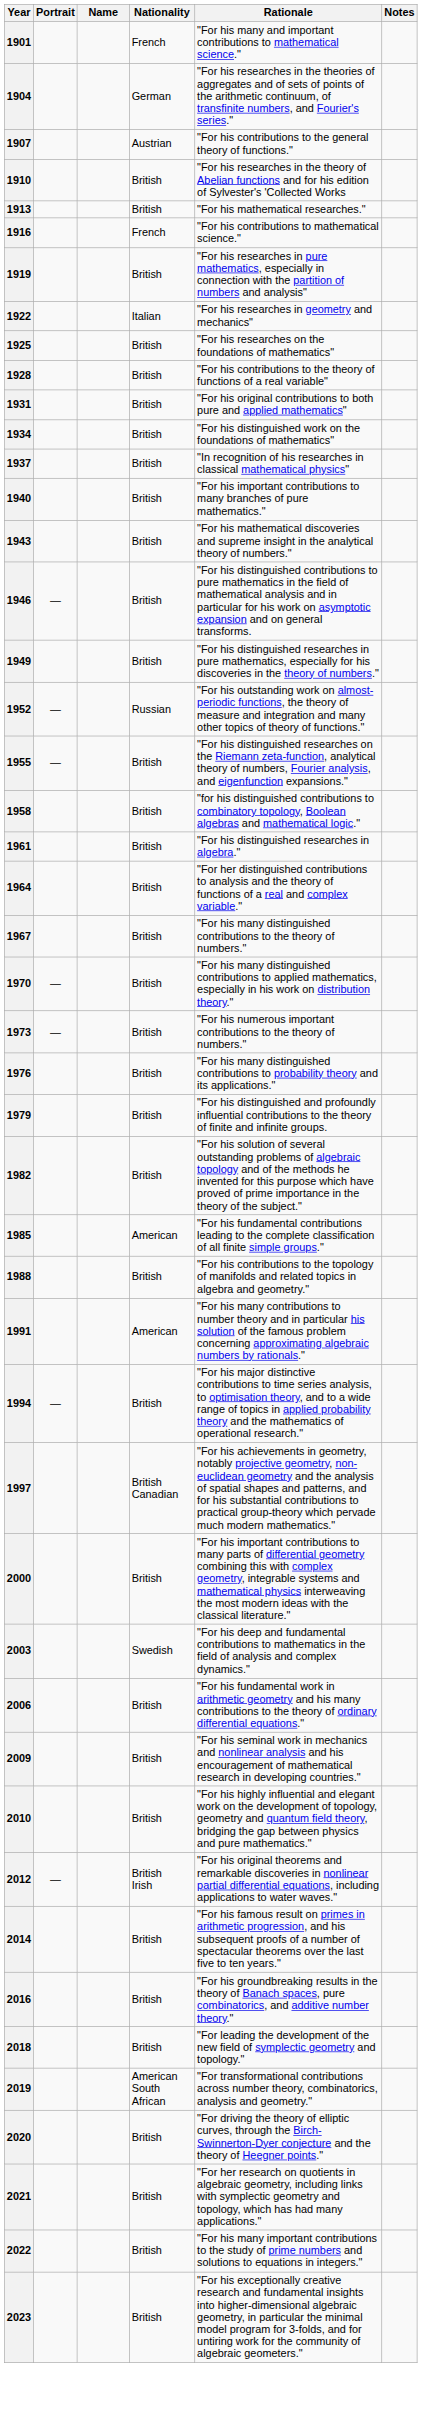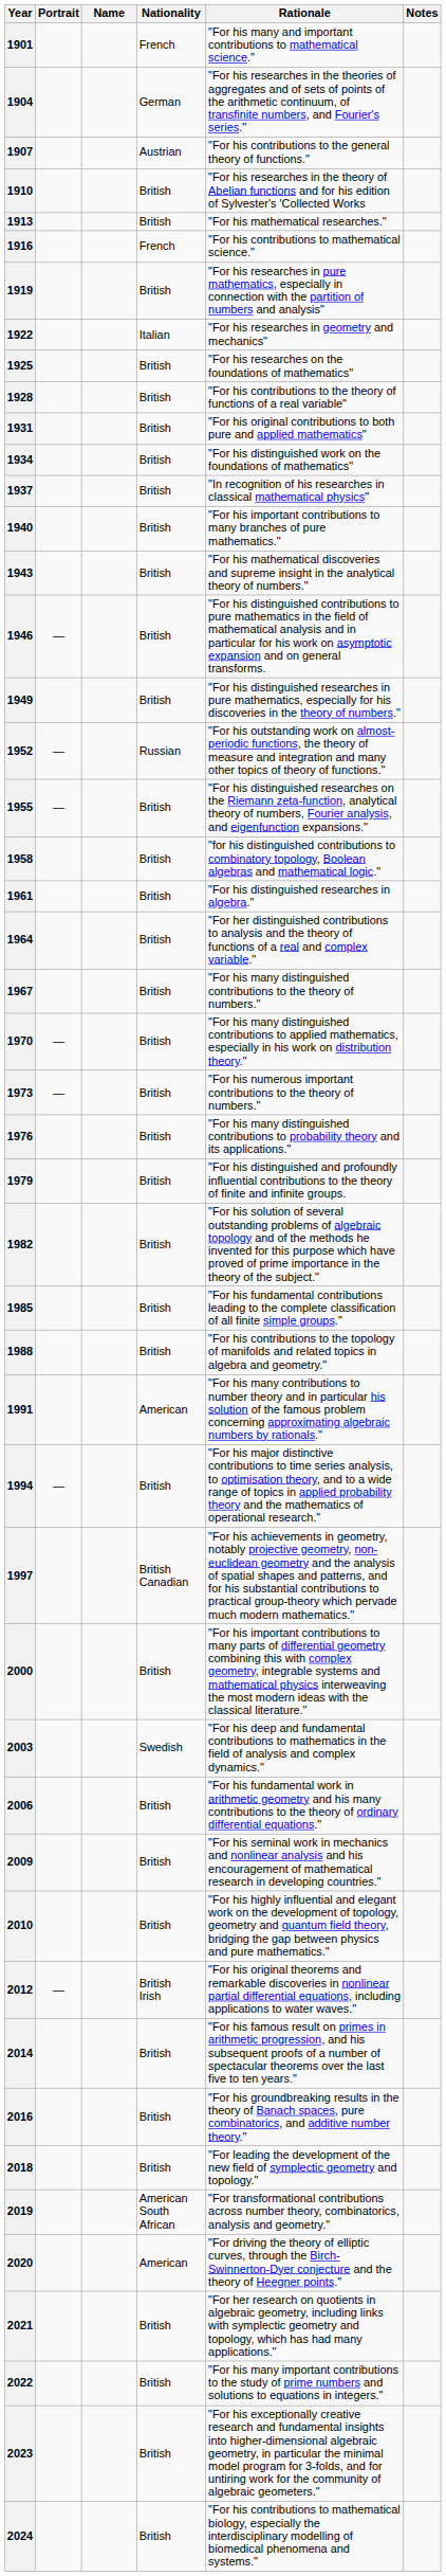 <table class="wikitable sortable plainrowheaders" border="1" style="align:left;">
 <tr>
 <th scope=col width=4px>Year</th>
 <th scope=col class="unsortable">Portrait</th>
 <th scope=col width=180px>Name</th>
 <th scope=col width=120px class="unsortable">Nationality</th>
 <th scope=col width=940 px class="unsortable">Rationale</th>
 <th scope=col width=2px class="unsortable">Notes</th>
 </tr>
 <tr>
 <th scope=row>1901</th>
 <td></td>
 <td align="center"></td>
 <td> French</td>
 <td>"For his many and important contributions to <a href='#'>mathematical science</a>."</td>
 <td align="center"></td>
 </tr>
 <tr>
 <th scope=row>1904</th>
 <td></td>
 <td align="center"></td>
 <td> German</td>
 <td>"For his researches in the theories of aggregates and of sets of points of the arithmetic continuum, of <a href='#'>transfinite numbers</a>, and <a href='#'>Fourier's series</a>."</td>
 <td align="center"></td>
 </tr>
 <tr>
 <th scope=row>1907</th>
 <td></td>
 <td align="center"></td>
 <td> Austrian</td>
 <td>"For his contributions to the general theory of functions."</td>
 <td align="center"></td>
 </tr>
 <tr>
 <th scope=row>1910</th>
 <td></td>
 <td align="center"></td>
 <td> British</td>
 <td>"For his researches in the theory of <a href='#'>Abelian functions</a> and for his edition of Sylvester's 'Collected Works</td>
 <td align="center"></td>
 </tr>
 <tr>
 <th scope=row>1913</th>
 <td></td>
 <td align="center"></td>
 <td> British</td>
 <td>"For his mathematical researches."</td>
 <td align="center"></td>
 </tr>
 <tr>
 <th scope=row>1916</th>
 <td></td>
 <td align="center"></td>
 <td> French</td>
 <td>"For his contributions to mathematical science."</td>
 <td align="center"></td>
 </tr>
 <tr>
 <th scope=row>1919</th>
 <td></td>
 <td align="center"></td>
 <td> British</td>
 <td>"For his researches in <a href='#'>pure mathematics</a>, especially in connection with the <a href='#'>partition of numbers</a> and analysis"</td>
 <td align="center"></td>
 </tr>
 <tr>
 <th scope=row>1922</th>
 <td></td>
 <td align="center"></td>
 <td> Italian</td>
 <td>"For his researches in <a href='#'>geometry</a> and mechanics"</td>
 <td align="center"></td>
 </tr>
 <tr>
 <th scope=row>1925</th>
 <td></td>
 <td align="center"></td>
 <td> British</td>
 <td>"For his researches on the foundations of mathematics"</td>
 <td align="center"></td>
 </tr>
 <tr>
 <th scope=row>1928</th>
 <td></td>
 <td align="center"></td>
 <td> British</td>
 <td>"For his contributions to the theory of functions of a real variable"</td>
 <td align="center"></td>
 </tr>
 <tr>
 <th scope=row>1931</th>
 <td></td>
 <td align="center"></td>
 <td> British</td>
 <td>"For his original contributions to both pure and <a href='#'>applied mathematics</a>"</td>
 <td align="center"></td>
 </tr>
 <tr>
 <th scope=row>1934</th>
 <td></td>
 <td align="center"></td>
 <td> British</td>
 <td>"For his distinguished work on the foundations of mathematics"</td>
 <td align="center"></td>
 </tr>
 <tr>
 <th scope=row>1937</th>
 <td></td>
 <td align="center"></td>
 <td> British</td>
 <td>"In recognition of his researches in classical <a href='#'>mathematical physics</a>"</td>
 <td align="center"></td>
 </tr>
 <tr>
 <th scope=row>1940</th>
 <td></td>
 <td align="center"></td>
 <td> British</td>
 <td>"For his important contributions to many branches of pure mathematics."</td>
 <td align="center"></td>
 </tr>
 <tr>
 <th scope=row>1943</th>
 <td></td>
 <td align="center"></td>
 <td> British</td>
 <td>"For his mathematical discoveries and supreme insight in the analytical theory of numbers."</td>
 <td align="center"></td>
 </tr>
 <tr>
 <th scope=row>1946</th>
 <td align="center">—</td>
 <td align="center"></td>
 <td> British</td>
 <td>"For his distinguished contributions to pure mathematics in the field of mathematical analysis and in particular for his work on <a href='#'>asymptotic expansion</a> and on general transforms.</td>
 <td align="center"></td>
 </tr>
 <tr>
 <th scope=row>1949</th>
 <td></td>
 <td align="center"></td>
 <td> British</td>
 <td>"For his distinguished researches in pure mathematics, especially for his discoveries in the <a href='#'>theory of numbers</a>."</td>
 <td align="center"></td>
 </tr>
 <tr>
 <th scope=row>1952</th>
 <td align="center">—</td>
 <td align="center"></td>
 <td> Russian</td>
 <td>"For his outstanding work on <a href='#'>almost-periodic functions</a>, the theory of measure and integration and many other topics of theory of functions."</td>
 <td align="center"></td>
 </tr>
 <tr>
 <th scope=row>1955</th>
 <td align="center">—</td>
 <td align="center"></td>
 <td> British</td>
 <td>"For his distinguished researches on the <a href='#'>Riemann zeta-function</a>, analytical theory of numbers, <a href='#'>Fourier analysis</a>, and <a href='#'>eigenfunction</a> expansions."</td>
 <td align="center"></td>
 </tr>
 <tr>
 <th scope=row>1958</th>
 <td></td>
 <td align="center"></td>
 <td> British</td>
 <td>"for his distinguished contributions to <a href='#'>combinatory topology</a>, <a href='#'>Boolean algebras</a> and <a href='#'>mathematical logic</a>."</td>
 <td align="center"></td>
 </tr>
 <tr>
 <th scope=row>1961</th>
 <td></td>
 <td align="center"></td>
 <td> British</td>
 <td>"For his distinguished researches in <a href='#'>algebra</a>."</td>
 <td align="center"></td>
 </tr>
 <tr>
 <th scope=row>1964</th>
 <td></td>
 <td align="center"></td>
 <td> British</td>
 <td>"For her distinguished contributions to analysis and the theory of functions of a <a href='#'>real</a> and <a href='#'>complex variable</a>."</td>
 <td align="center"></td>
 </tr>
 <tr>
 <th scope=row>1967</th>
 <td></td>
 <td align="center"></td>
 <td> British</td>
 <td>"For his many distinguished contributions to the theory of numbers."</td>
 <td align="center"></td>
 </tr>
 <tr>
 <th scope=row>1970</th>
 <td align="center">—</td>
 <td align="center"></td>
 <td> British</td>
 <td>"For his many distinguished contributions to applied mathematics, especially in his work on <a href='#'>distribution theory</a>."</td>
 <td align="center"></td>
 </tr>
 <tr>
 <th scope=row>1973</th>
 <td align="center">—</td>
 <td align="center"></td>
 <td> British</td>
 <td>"For his numerous important contributions to the theory of numbers."</td>
 <td align="center"></td>
 </tr>
 <tr>
 <th scope=row>1976</th>
 <td></td>
 <td align="center"></td>
 <td> British</td>
 <td>"For his many distinguished contributions to <a href='#'>probability theory</a> and its applications."</td>
 <td align="center"></td>
 </tr>
 <tr>
 <th scope=row>1979</th>
 <td></td>
 <td align="center"></td>
 <td> British</td>
 <td>"For his distinguished and profoundly influential contributions to the theory of finite and infinite groups.</td>
 <td align="center"></td>
 </tr>
 <tr>
 <th scope=row>1982</th>
 <td></td>
 <td align="center"></td>
 <td> British</td>
 <td>"For his solution of several outstanding problems of <a href='#'>algebraic topology</a> and of the methods he invented for this purpose which have proved of prime importance in the theory of the subject."</td>
 <td align="center"></td>
 </tr>
 <tr>
 <th scope=row>1985</th>
 <td></td>
 <td align="center"></td>
-<td> American</td>
+<td> British</td>
 <td>"For his fundamental contributions leading to the complete classification of all finite <a href='#'>simple groups</a>."</td>
 <td align="center"></td>
 </tr>
 <tr>
 <th scope=row>1988</th>
 <td></td>
 <td align="center"></td>
 <td> British</td>
 <td>"For his contributions to the topology of manifolds and related topics in algebra and geometry."</td>
 <td align="center"></td>
 </tr>
 <tr>
 <th scope=row>1991</th>
 <td></td>
 <td align="center"></td>
 <td> American</td>
 <td>"For his many contributions to number theory and in particular <a href='#'>his solution</a> of the famous problem concerning <a href='#'>approximating algebraic numbers by rationals</a>."</td>
 <td align="center"></td>
 </tr>
 <tr>
 <th scope=row>1994</th>
 <td align="center">—</td>
 <td align="center"></td>
 <td> British</td>
 <td>"For his major distinctive contributions to time series analysis, to <a href='#'>optimisation theory</a>, and to a wide range of topics in <a href='#'>applied probability theory</a> and the mathematics of operational research."</td>
 <td align="center"></td>
 </tr>
 <tr>
 <th scope=row>1997</th>
 <td></td>
 <td align="center"></td>
 <td> British <br> Canadian</td>
 <td>"For his achievements in geometry, notably <a href='#'>projective geometry</a>, <a href='#'>non-euclidean geometry</a> and the analysis of spatial shapes and patterns, and for his substantial contributions to practical group-theory which pervade much modern mathematics."</td>
 <td align="center"></td>
 </tr>
 <tr>
 <th scope=row>2000</th>
 <td></td>
 <td align="center"></td>
 <td> British</td>
 <td>"For his important contributions to many parts of <a href='#'>differential geometry</a> combining this with <a href='#'>complex geometry</a>, integrable systems and <a href='#'>mathematical physics</a> interweaving the most modern ideas with the classical literature."</td>
 <td align="center"></td>
 </tr>
 <tr>
 <th scope=row>2003</th>
 <td></td>
 <td align="center"></td>
 <td> Swedish</td>
 <td>"For his deep and fundamental contributions to mathematics in the field of analysis and complex dynamics."</td>
 <td align="center"></td>
 </tr>
 <tr>
 <th scope=row>2006</th>
 <td></td>
 <td align="center"></td>
 <td> British</td>
 <td>"For his fundamental work in <a href='#'>arithmetic geometry</a> and his many contributions to the theory of <a href='#'>ordinary differential equations</a>."</td>
 <td align="center"></td>
 </tr>
 <tr>
 <th scope=row>2009</th>
 <td></td>
 <td align="center"></td>
 <td> British</td>
 <td>"For his seminal work in mechanics and <a href='#'>nonlinear analysis</a> and his encouragement of mathematical research in developing countries."</td>
 <td align="center"></td>
 </tr>
 <tr>
 <th scope=row>2010</th>
 <td></td>
 <td align="center"></td>
 <td> British</td>
 <td>"For his highly influential and elegant work on the development of topology, geometry and <a href='#'>quantum field theory</a>, bridging the gap between physics and pure mathematics."</td>
 <td align="center"></td>
 </tr>
 <tr>
 <th scope=row>2012</th>
 <td align="center">—</td>
 <td align="center"></td>
 <td> British <br>  Irish</td>
 <td>"For his original theorems and remarkable discoveries in <a href='#'>nonlinear partial differential equations</a>, including applications to water waves."</td>
 <td align="center"></td>
 </tr>
 <tr>
 <th scope=row>2014</th>
 <td></td>
 <td align="center"></td>
 <td> British</td>
 <td>"For his famous result on <a href='#'>primes in arithmetic progression</a>, and his subsequent proofs of a number of spectacular theorems over the last five to ten years."</td>
 <td align="center"></td>
 </tr>
 <tr>
 <th scope=row>2016</th>
 <td></td>
 <td align="center"></td>
 <td> British</td>
 <td>"For his groundbreaking results in the theory of <a href='#'>Banach spaces</a>, pure <a href='#'>combinatorics</a>, and <a href='#'>additive number theory</a>."</td>
 <td align="center"></td>
 </tr>
 <tr>
 <th scope=row>2018</th>
 <td></td>
 <td align="center"></td>
 <td> British</td>
 <td>"For leading the development of the new field of <a href='#'>symplectic geometry</a> and topology."</td>
 <td align="center"></td>
 </tr>
 <tr>
 <th scope=row>2019</th>
 <td></td>
 <td align="center"></td>
 <td> American <br>  South African</td>
 <td>"For transformational contributions across number theory, combinatorics, analysis and geometry."</td>
 <td align="center"></td>
 </tr>
 <tr>
 <th scope=row>2020</th>
 <td></td>
 <td align="center"></td>
-<td> British</td>
+<td> American</td>
 <td>"For driving the theory of elliptic curves, through the <a href='#'>Birch-Swinnerton-Dyer conjecture</a> and the theory of <a href='#'>Heegner points</a>."</td>
 <td align="center"></td>
 </tr>
 <tr>
 <th scope=row>2021</th>
 <td></td>
 <td align="center"></td>
 <td> British</td>
 <td>"For her research on quotients in algebraic geometry, including links with symplectic geometry and topology, which has had many applications."</td>
 <td align="center"></td>
 </tr>
 <tr>
 <th scope=row>2022</th>
 <td></td>
 <td align="center"></td>
 <td> British</td>
 <td>"For his many important contributions to the study of <a href='#'>prime numbers</a> and solutions to equations in integers."</td>
 <td align="center"></td>
 </tr>
 <tr>
 <th scope=row>2023</th>
 <td></td>
 <td align="center"></td>
 <td> British</td>
 <td>"For his exceptionally creative research and fundamental insights into higher-dimensional algebraic geometry, in particular the minimal model program for 3-folds, and for untiring work for the community of algebraic geometers."</td>
 <td align="center"></td>
 </tr>
+<tr>
+<th scope=row>2024</th>
+<td></td>
+<td align="center"></td>
+<td> British</td>
+<td>"For his contributions to mathematical biology, especially the interdisciplinary modelling of biomedical phenomena and systems."</td>
+<td align="center"></td>
+</tr>
 </table>
